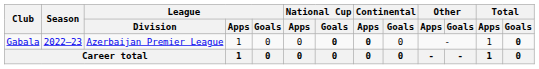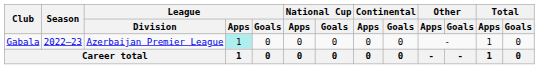 <table class="wikitable" style="text-align: center;">
 <tr>
 <th rowspan="2">Club</th>
 <th rowspan="2">Season</th>
 <th colspan="3">League</th>
 <th colspan="2">National Cup</th>
 <th colspan="2">Continental</th>
 <th colspan="2">Other</th>
 <th colspan="2">Total</th>
 </tr>
 <tr>
 <th>Division</th>
 <th>Apps</th>
 <th>Goals</th>
 <th>Apps</th>
 <th>Goals</th>
 <th>Apps</th>
 <th>Goals</th>
 <th>Apps</th>
 <th>Goals</th>
 <th>Apps</th>
 <th>Goals</th>
 </tr>
 <tr>
 <td rowspan="1" valign="center"><a href='#'>Gabala</a></td>
 <td><a href='#'>2022–23</a></td>
 <td rowspan="1"><a href='#'>Azerbaijan Premier League</a></td>
-<td>1</td>
+<td style="background: paleturquoise;">1</td>
 <td>0</td>
 <td>0</td>
-<td><strong>0</strong></td>
-<td><strong>0</strong></td>
+<td>0</td>
+<td>0</td>
 <td>0</td>
 <td colspan="2">-</td>
 <td>1</td>
-<td><strong>0</strong></td>
+<td>0</td>
 </tr>
 <tr>
 <th colspan="3">Career total</th>
 <th>1</th>
 <th>0</th>
 <th>0</th>
 <th>0</th>
 <th>0</th>
 <th>0</th>
 <th>-</th>
 <th>-</th>
 <th>1</th>
 <th>0</th>
 </tr>
 </table>
